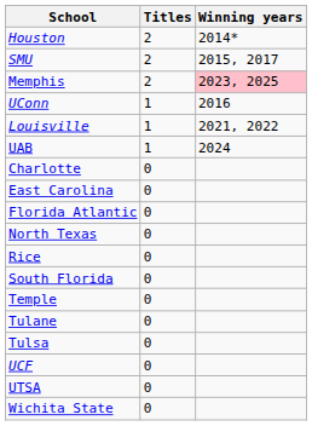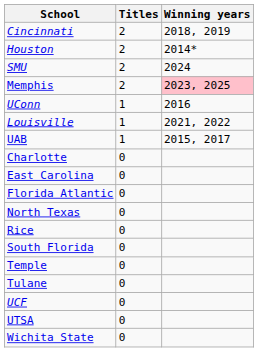 <table class="wikitable sortable">
 <tr>
 <th width=px>School</th>
 <th width=px>Titles</th>
 <th width=px>Winning years</th>
+</tr>
+<tr>
+<td><em><a href='#'>Cincinnati</a></em></td>
+<td>2</td>
+<td>2018, 2019</td>
 </tr>
 <tr>
 <td><em><a href='#'>Houston</a></em></td>
 <td>2</td>
 <td>2014*</td>
 </tr>
 <tr>
 <td><em><a href='#'>SMU</a></em></td>
 <td>2</td>
-<td>2015, 2017</td>
+<td>2024</td>
 </tr>
 <tr>
 <td><a href='#'>Memphis</a></td>
 <td>2</td>
 <td style="background: pink;">2023, 2025</td>
 </tr>
 <tr>
 <td><em><a href='#'>UConn</a></em></td>
 <td>1</td>
 <td>2016</td>
 </tr>
 <tr>
 <td><em><a href='#'>Louisville</a></em></td>
 <td>1</td>
 <td>2021, 2022</td>
 </tr>
 <tr>
 <td><a href='#'>UAB</a></td>
 <td>1</td>
-<td>2024</td>
+<td>2015, 2017</td>
 </tr>
 <tr>
 <td><a href='#'>Charlotte</a></td>
 <td>0</td>
 <td></td>
 </tr>
 <tr>
 <td><a href='#'>East Carolina</a></td>
 <td>0</td>
 <td></td>
 </tr>
 <tr>
 <td><a href='#'>Florida Atlantic</a></td>
 <td>0</td>
 </tr>
 <tr>
 <td><a href='#'>North Texas</a></td>
 <td>0</td>
 <td></td>
 </tr>
 <tr>
 <td><a href='#'>Rice</a></td>
 <td>0</td>
 <td></td>
 </tr>
 <tr>
 <td><a href='#'>South Florida</a></td>
 <td>0</td>
 <td></td>
 </tr>
 <tr>
 <td><a href='#'>Temple</a></td>
 <td>0</td>
 <td></td>
 </tr>
 <tr>
 <td><a href='#'>Tulane</a></td>
 <td>0</td>
 <td></td>
 </tr>
 <tr>
-<td><a href='#'>Tulsa</a></td>
-<td>0</td>
-<td></td>
-</tr>
-<tr>
 <td><em><a href='#'>UCF</a></em></td>
 <td>0</td>
 <td></td>
 </tr>
 <tr>
 <td><a href='#'>UTSA</a></td>
 <td>0</td>
 <td></td>
 </tr>
 <tr>
 <td><a href='#'>Wichita State</a></td>
 <td>0</td>
 <td></td>
 </tr>
 </table>
